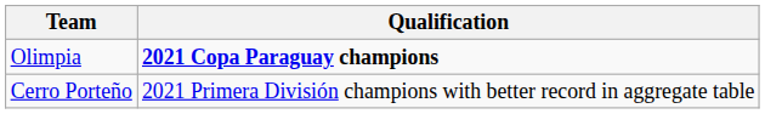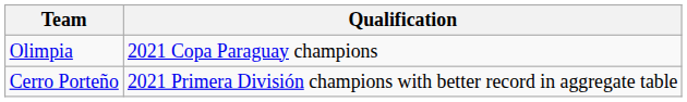 <table class="wikitable">
 <tr>
 <th>Team</th>
 <th>Qualification</th>
 </tr>
 <tr>
 <td><a href='#'>Olimpia</a></td>
-<td><strong><a href='#'>2021 Copa Paraguay</a> champions</strong></td>
+<td><a href='#'>2021 Copa Paraguay</a> champions</td>
 </tr>
 <tr>
 <td><a href='#'>Cerro Porteño</a></td>
 <td><a href='#'>2021 Primera División</a> champions with better record in aggregate table</td>
 </tr>
 </table>
